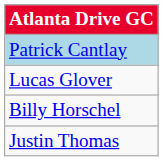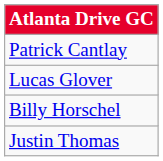 <table class="wikitable">
 <tr>
 <th Style="background:#E6002B;color:#FFFFFF">Atlanta Drive GC</th>
 </tr>
 <tr>
-<td style="background: lightblue;"> <a href='#'>Patrick Cantlay</a></td>
+<td> <a href='#'>Patrick Cantlay</a></td>
 </tr>
 <tr>
 <td> <a href='#'>Lucas Glover</a></td>
 </tr>
 <tr>
 <td> <a href='#'>Billy Horschel</a></td>
 </tr>
 <tr>
 <td> <a href='#'>Justin Thomas</a></td>
 </tr>
 </table>
